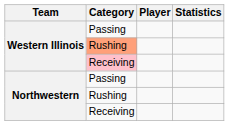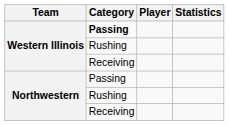 <table class="wikitable" style="float:right">
 <tr>
 <th>Team</th>
 <th>Category</th>
 <th>Player</th>
 <th>Statistics</th>
 </tr>
 <tr>
 <th rowspan=3>Western Illinois</th>
-<td>Passing</td>
+<td><strong>Passing</strong></td>
 <td></td>
 <td></td>
 </tr>
 <tr>
-<td style="background: lightsalmon;">Rushing</td>
+<td>Rushing</td>
 <td></td>
 <td></td>
 </tr>
 <tr>
-<td style="background: pink;">Receiving</td>
+<td>Receiving</td>
 <td></td>
 <td></td>
 </tr>
 <tr>
 <th rowspan=3>Northwestern</th>
 <td>Passing</td>
 <td></td>
 <td></td>
 </tr>
 <tr>
 <td>Rushing</td>
 <td></td>
 <td></td>
 </tr>
 <tr>
 <td>Receiving</td>
 <td></td>
 <td></td>
 </tr>
 </table>
